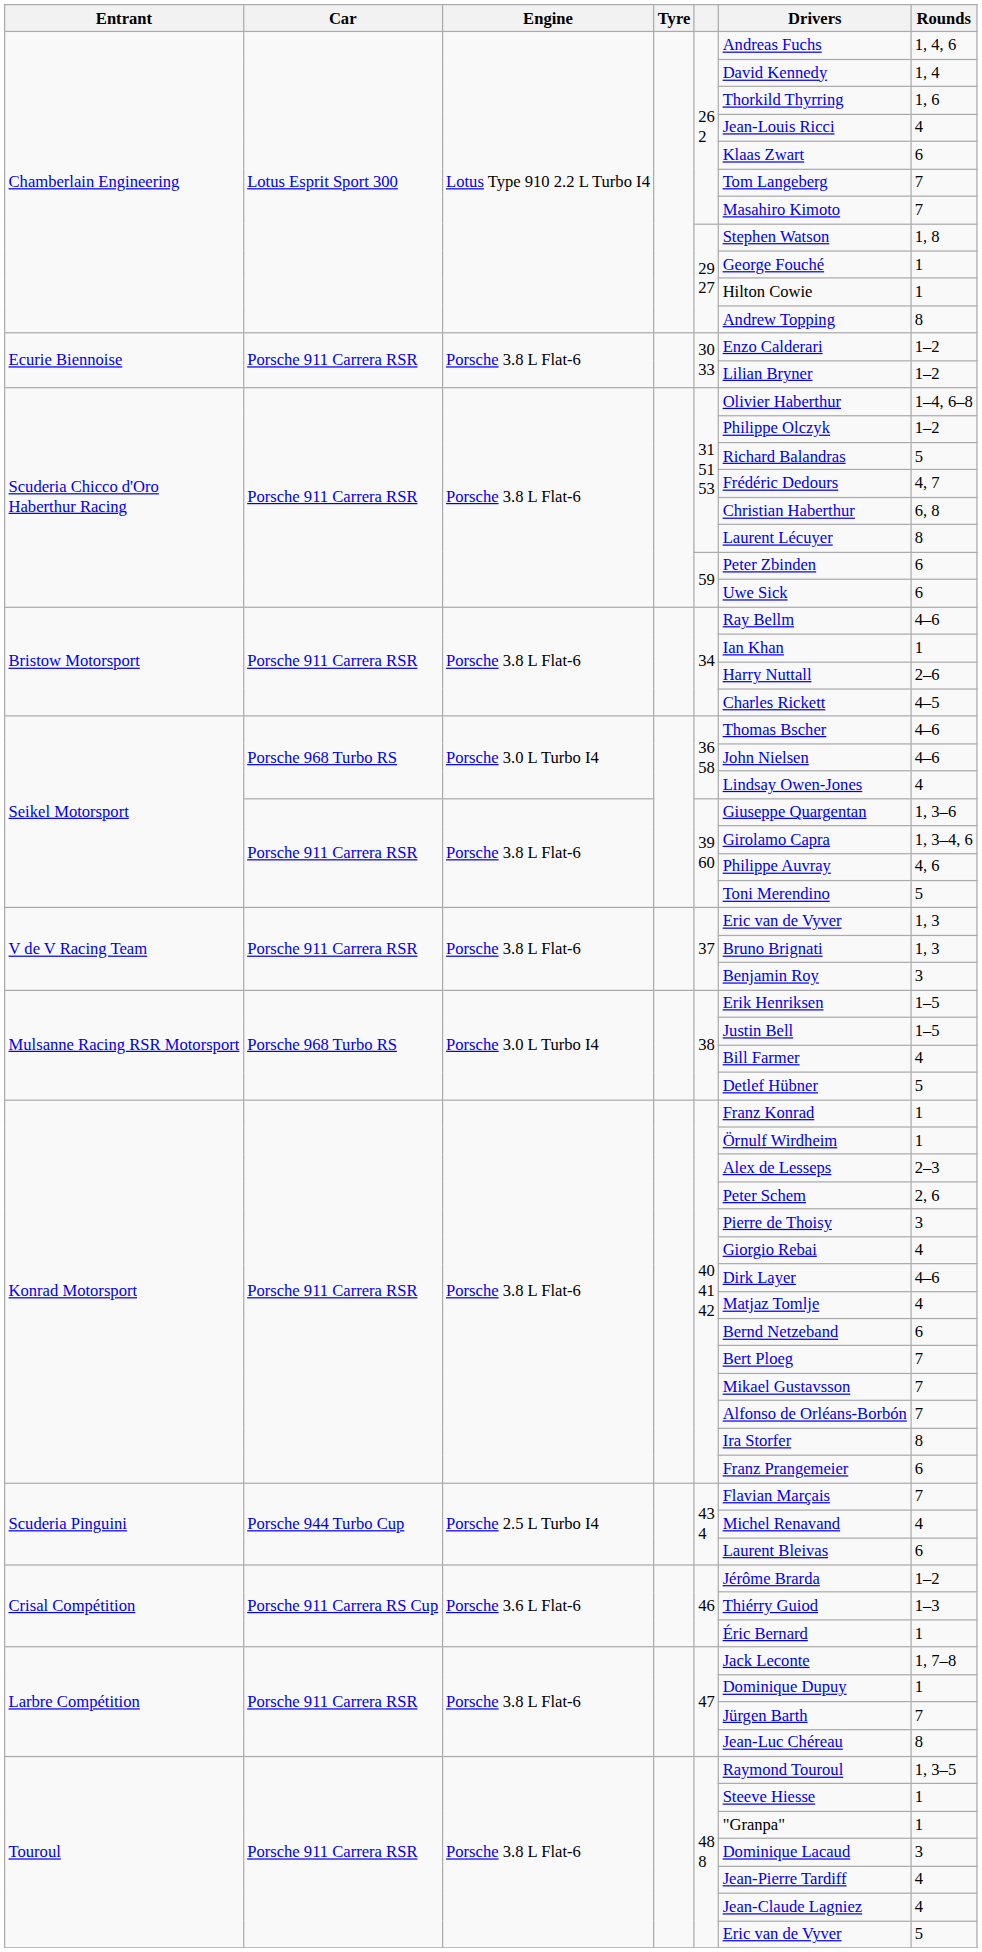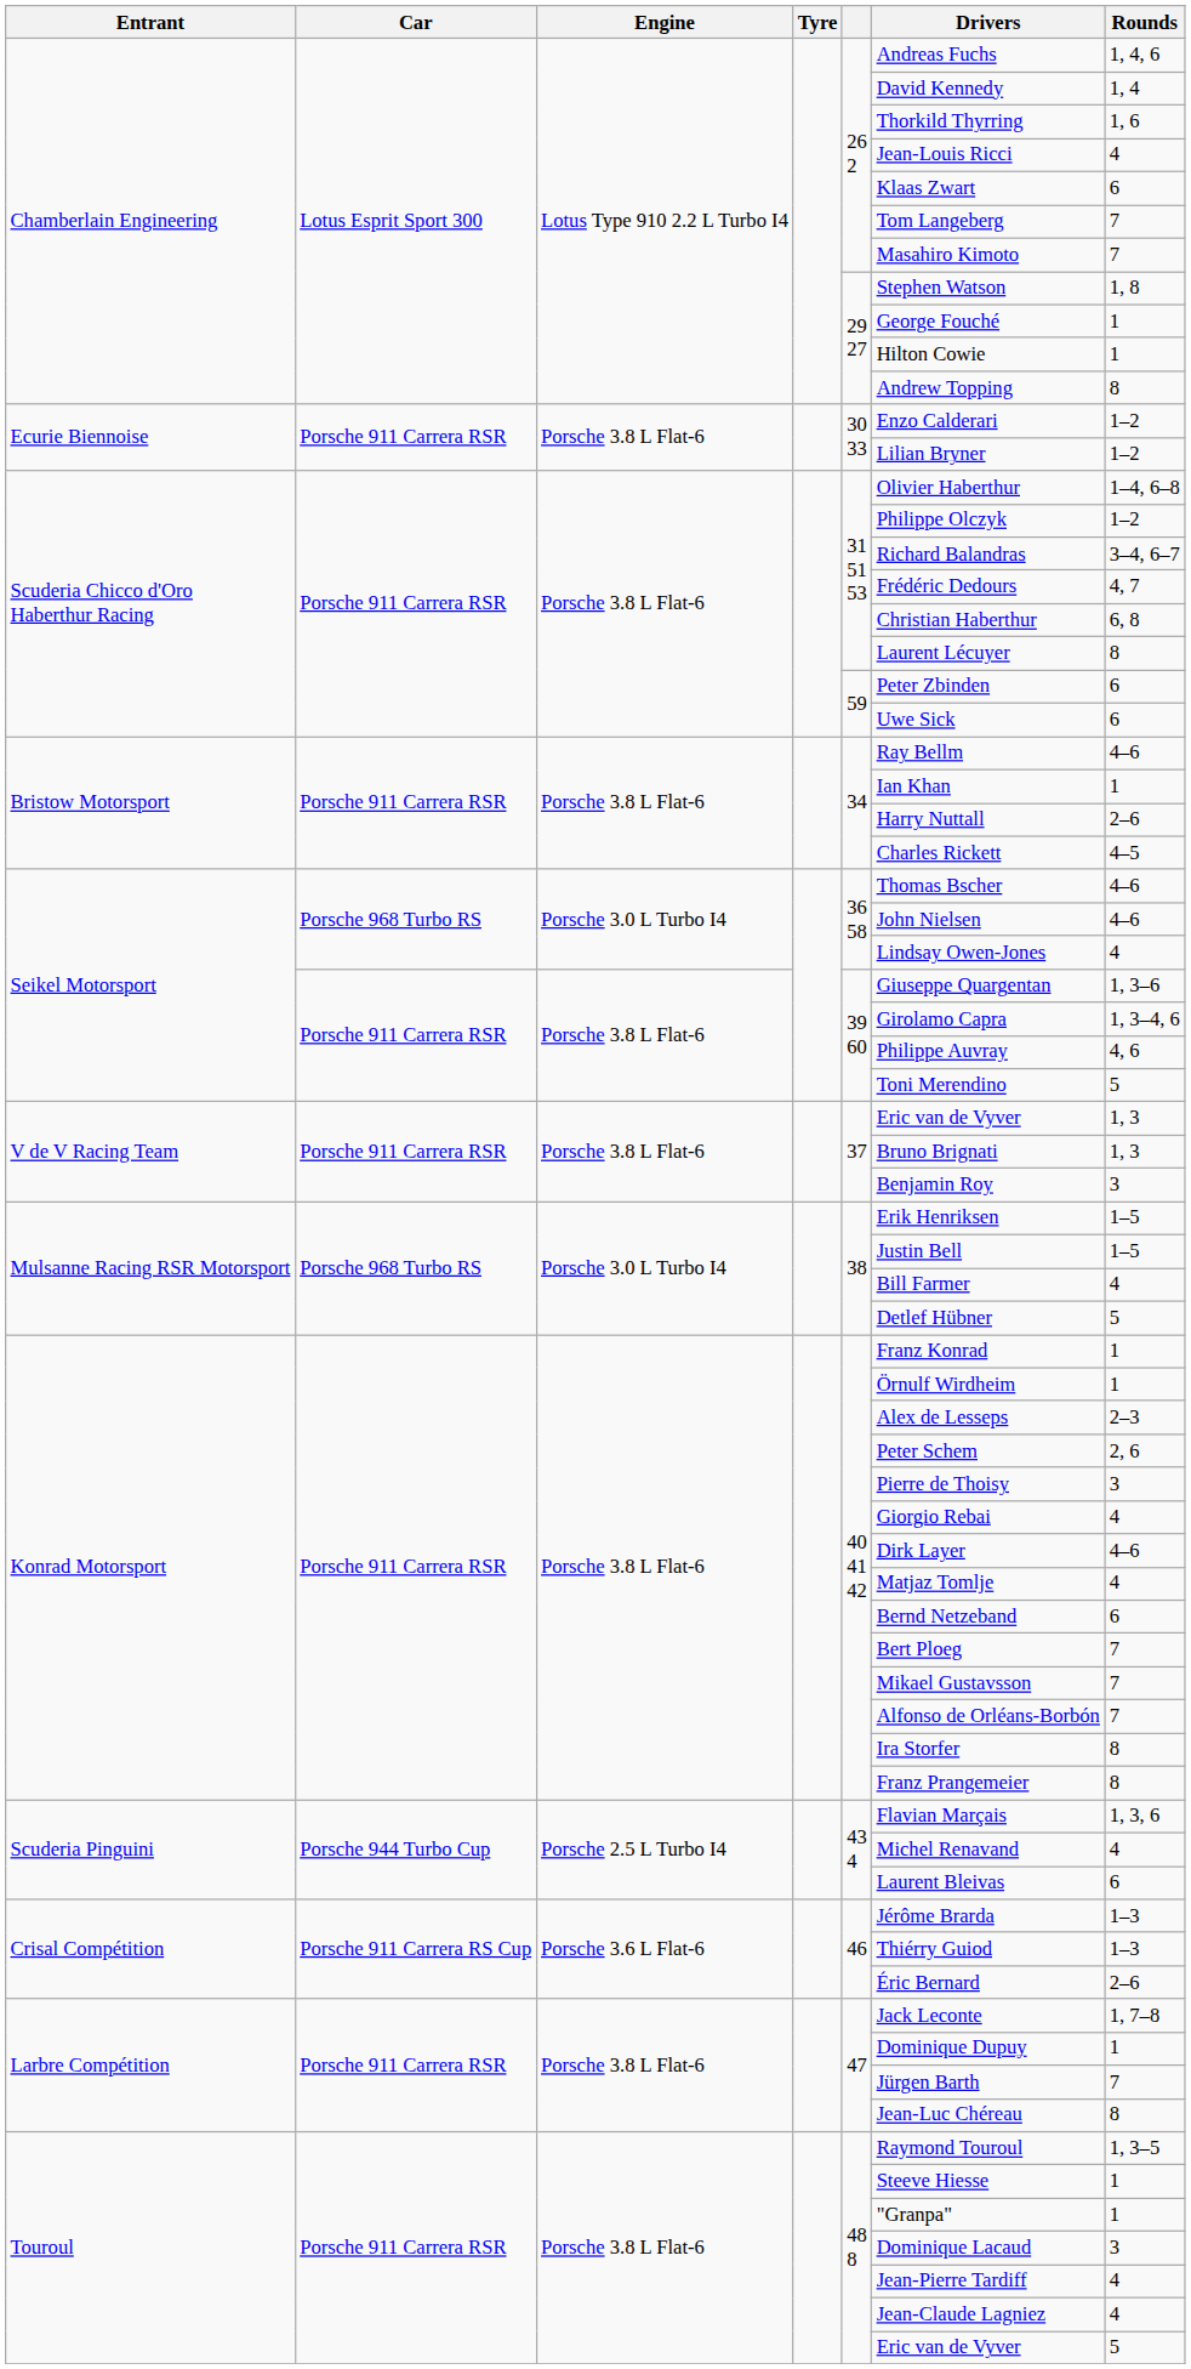 <table class="wikitable" style="font-size: 85%">
 <tr>
 <th>Entrant</th>
 <th>Car</th>
 <th>Engine</th>
 <th>Tyre</th>
 <th></th>
 <th>Drivers</th>
 <th>Rounds</th>
 </tr>
 <tr>
 <td rowspan=11> <a href='#'>Chamberlain Engineering</a></td>
 <td rowspan=11><a href='#'>Lotus Esprit Sport 300</a></td>
 <td rowspan=11><a href='#'>Lotus</a> Type 910 2.2 L Turbo I4</td>
 <td rowspan=11></td>
 <td rowspan=7>26<br>2</td>
 <td> <a href='#'>Andreas Fuchs</a></td>
 <td>1, 4, 6</td>
 </tr>
 <tr>
 <td> <a href='#'>David Kennedy</a></td>
 <td>1, 4</td>
 </tr>
 <tr>
 <td> <a href='#'>Thorkild Thyrring</a></td>
 <td>1, 6</td>
 </tr>
 <tr>
 <td> <a href='#'>Jean-Louis Ricci</a></td>
 <td>4</td>
 </tr>
 <tr>
 <td> <a href='#'>Klaas Zwart</a></td>
 <td>6</td>
 </tr>
 <tr>
 <td> <a href='#'>Tom Langeberg</a></td>
 <td>7</td>
 </tr>
 <tr>
 <td> <a href='#'>Masahiro Kimoto</a></td>
 <td>7</td>
 </tr>
 <tr>
 <td rowspan=4>29<br>27</td>
 <td> <a href='#'>Stephen Watson</a></td>
 <td>1, 8</td>
 </tr>
 <tr>
 <td> <a href='#'>George Fouché</a></td>
 <td>1</td>
 </tr>
 <tr>
 <td> Hilton Cowie</td>
 <td>1</td>
 </tr>
 <tr>
 <td> <a href='#'>Andrew Topping</a></td>
 <td>8</td>
 </tr>
 <tr>
 <td rowspan=2> <a href='#'>Ecurie Biennoise</a></td>
 <td rowspan=2><a href='#'>Porsche 911 Carrera RSR</a></td>
 <td rowspan=2><a href='#'>Porsche</a> 3.8 L Flat-6</td>
 <td rowspan=2></td>
 <td rowspan=2>30<br>33</td>
 <td> <a href='#'>Enzo Calderari</a></td>
 <td>1–2</td>
 </tr>
 <tr>
 <td> <a href='#'>Lilian Bryner</a></td>
 <td>1–2</td>
 </tr>
 <tr>
 <td rowspan=8> <a href='#'>Scuderia Chicco d'Oro</a><br> <a href='#'>Haberthur Racing</a></td>
 <td rowspan=8><a href='#'>Porsche 911 Carrera RSR</a></td>
 <td rowspan=8><a href='#'>Porsche</a> 3.8 L Flat-6</td>
 <td rowspan=8></td>
 <td rowspan=6>31<br>51<br>53</td>
 <td> <a href='#'>Olivier Haberthur</a></td>
 <td>1–4, 6–8</td>
 </tr>
 <tr>
 <td> <a href='#'>Philippe Olczyk</a></td>
 <td>1–2</td>
 </tr>
 <tr>
 <td> <a href='#'>Richard Balandras</a></td>
-<td>5</td>
+<td>3–4, 6–7</td>
 </tr>
 <tr>
 <td> <a href='#'>Frédéric Dedours</a></td>
 <td>4, 7</td>
 </tr>
 <tr>
 <td> <a href='#'>Christian Haberthur</a></td>
 <td>6, 8</td>
 </tr>
 <tr>
 <td> <a href='#'>Laurent Lécuyer</a></td>
 <td>8</td>
 </tr>
 <tr>
 <td rowspan=2>59</td>
 <td> <a href='#'>Peter Zbinden</a></td>
 <td>6</td>
 </tr>
 <tr>
 <td> <a href='#'>Uwe Sick</a></td>
 <td>6</td>
 </tr>
 <tr>
 <td rowspan=4> <a href='#'>Bristow Motorsport</a></td>
 <td rowspan=4><a href='#'>Porsche 911 Carrera RSR</a></td>
 <td rowspan=4><a href='#'>Porsche</a> 3.8 L Flat-6</td>
 <td rowspan=4></td>
 <td rowspan=4>34</td>
 <td> <a href='#'>Ray Bellm</a></td>
 <td>4–6</td>
 </tr>
 <tr>
 <td> <a href='#'>Ian Khan</a></td>
 <td>1</td>
 </tr>
 <tr>
 <td> <a href='#'>Harry Nuttall</a></td>
 <td>2–6</td>
 </tr>
 <tr>
 <td> <a href='#'>Charles Rickett</a></td>
 <td>4–5</td>
 </tr>
 <tr>
 <td rowspan=7> <a href='#'>Seikel Motorsport</a></td>
 <td rowspan=3><a href='#'>Porsche 968 Turbo RS</a></td>
 <td rowspan=3><a href='#'>Porsche</a> 3.0 L Turbo I4</td>
 <td rowspan=7></td>
 <td rowspan=3>36<br>58</td>
 <td> <a href='#'>Thomas Bscher</a></td>
 <td>4–6</td>
 </tr>
 <tr>
 <td> <a href='#'>John Nielsen</a></td>
 <td>4–6</td>
 </tr>
 <tr>
 <td> <a href='#'>Lindsay Owen-Jones</a></td>
 <td>4</td>
 </tr>
 <tr>
 <td rowspan=4><a href='#'>Porsche 911 Carrera RSR</a></td>
 <td rowspan=4><a href='#'>Porsche</a> 3.8 L Flat-6</td>
 <td rowspan=4>39<br>60</td>
 <td> <a href='#'>Giuseppe Quargentan</a></td>
 <td>1, 3–6</td>
 </tr>
 <tr>
 <td> <a href='#'>Girolamo Capra</a></td>
 <td>1, 3–4, 6</td>
 </tr>
 <tr>
 <td> <a href='#'>Philippe Auvray</a></td>
 <td>4, 6</td>
 </tr>
 <tr>
 <td> <a href='#'>Toni Merendino</a></td>
 <td>5</td>
 </tr>
 <tr>
 <td rowspan=3> <a href='#'>V de V Racing Team</a></td>
 <td rowspan=3><a href='#'>Porsche 911 Carrera RSR</a></td>
 <td rowspan=3><a href='#'>Porsche</a> 3.8 L Flat-6</td>
 <td rowspan=3></td>
 <td rowspan=3>37</td>
 <td> <a href='#'>Eric van de Vyver</a></td>
 <td>1, 3</td>
 </tr>
 <tr>
 <td> <a href='#'>Bruno Brignati</a></td>
 <td>1, 3</td>
 </tr>
 <tr>
 <td> <a href='#'>Benjamin Roy</a></td>
 <td>3</td>
 </tr>
 <tr>
 <td rowspan=4> <a href='#'>Mulsanne Racing RSR Motorsport</a></td>
 <td rowspan=4><a href='#'>Porsche 968 Turbo RS</a></td>
 <td rowspan=4><a href='#'>Porsche</a> 3.0 L Turbo I4</td>
 <td rowspan=4></td>
 <td rowspan=4>38</td>
 <td> <a href='#'>Erik Henriksen</a></td>
 <td>1–5</td>
 </tr>
 <tr>
 <td> <a href='#'>Justin Bell</a></td>
 <td>1–5</td>
 </tr>
 <tr>
 <td> <a href='#'>Bill Farmer</a></td>
 <td>4</td>
 </tr>
 <tr>
 <td> <a href='#'>Detlef Hübner</a></td>
 <td>5</td>
 </tr>
 <tr>
 <td rowspan=14> <a href='#'>Konrad Motorsport</a></td>
 <td rowspan=14><a href='#'>Porsche 911 Carrera RSR</a></td>
 <td rowspan=14><a href='#'>Porsche</a> 3.8 L Flat-6</td>
 <td rowspan=14></td>
 <td rowspan=14>40<br>41<br>42</td>
 <td> <a href='#'>Franz Konrad</a></td>
 <td>1</td>
 </tr>
 <tr>
 <td> <a href='#'>Örnulf Wirdheim</a></td>
 <td>1</td>
 </tr>
 <tr>
 <td> <a href='#'>Alex de Lesseps</a></td>
 <td>2–3</td>
 </tr>
 <tr>
 <td> <a href='#'>Peter Schem</a></td>
 <td>2, 6</td>
 </tr>
 <tr>
 <td> <a href='#'>Pierre de Thoisy</a></td>
 <td>3</td>
 </tr>
 <tr>
 <td> <a href='#'>Giorgio Rebai</a></td>
 <td>4</td>
 </tr>
 <tr>
 <td> <a href='#'>Dirk Layer</a></td>
 <td>4–6</td>
 </tr>
 <tr>
 <td> <a href='#'>Matjaz Tomlje</a></td>
 <td>4</td>
 </tr>
 <tr>
 <td> <a href='#'>Bernd Netzeband</a></td>
 <td>6</td>
 </tr>
 <tr>
 <td> <a href='#'>Bert Ploeg</a></td>
 <td>7</td>
 </tr>
 <tr>
 <td> <a href='#'>Mikael Gustavsson</a></td>
 <td>7</td>
 </tr>
 <tr>
 <td> <a href='#'>Alfonso de Orléans-Borbón</a></td>
 <td>7</td>
 </tr>
 <tr>
 <td> <a href='#'>Ira Storfer</a></td>
 <td>8</td>
 </tr>
 <tr>
 <td> <a href='#'>Franz Prangemeier</a></td>
-<td>6</td>
+<td>8</td>
 </tr>
 <tr>
 <td rowspan=3> <a href='#'>Scuderia Pinguini</a></td>
 <td rowspan=3><a href='#'>Porsche 944 Turbo Cup</a></td>
 <td rowspan=3><a href='#'>Porsche</a> 2.5 L Turbo I4</td>
 <td rowspan=3></td>
 <td rowspan=3>43<br>4</td>
 <td> <a href='#'>Flavian Marçais</a></td>
-<td>7</td>
+<td>1, 3, 6</td>
 </tr>
 <tr>
 <td> <a href='#'>Michel Renavand</a></td>
 <td>4</td>
 </tr>
 <tr>
 <td> <a href='#'>Laurent Bleivas</a></td>
 <td>6</td>
 </tr>
 <tr>
 <td rowspan=3> <a href='#'>Crisal Compétition</a></td>
 <td rowspan=3><a href='#'>Porsche 911 Carrera RS Cup</a></td>
 <td rowspan=3><a href='#'>Porsche</a> 3.6 L Flat-6</td>
 <td rowspan=3></td>
 <td rowspan=3>46</td>
 <td> <a href='#'>Jérôme Brarda</a></td>
-<td>1–2</td>
+<td>1–3</td>
 </tr>
 <tr>
 <td> <a href='#'>Thiérry Guiod</a></td>
 <td>1–3</td>
 </tr>
 <tr>
 <td> <a href='#'>Éric Bernard</a></td>
-<td>1</td>
+<td>2–6</td>
 </tr>
 <tr>
 <td rowspan=4> <a href='#'>Larbre Compétition</a></td>
 <td rowspan=4><a href='#'>Porsche 911 Carrera RSR</a></td>
 <td rowspan=4><a href='#'>Porsche</a> 3.8 L Flat-6</td>
 <td rowspan=4></td>
 <td rowspan=4>47</td>
 <td> <a href='#'>Jack Leconte</a></td>
 <td>1, 7–8</td>
 </tr>
 <tr>
 <td> <a href='#'>Dominique Dupuy</a></td>
 <td>1</td>
 </tr>
 <tr>
 <td> <a href='#'>Jürgen Barth</a></td>
 <td>7</td>
 </tr>
 <tr>
 <td> <a href='#'>Jean-Luc Chéreau</a></td>
 <td>8</td>
 </tr>
 <tr>
 <td rowspan=7> <a href='#'>Touroul</a></td>
 <td rowspan=7><a href='#'>Porsche 911 Carrera RSR</a></td>
 <td rowspan=7><a href='#'>Porsche</a> 3.8 L Flat-6</td>
 <td rowspan=7></td>
 <td rowspan=7>48<br>8</td>
 <td> <a href='#'>Raymond Touroul</a></td>
 <td>1, 3–5</td>
 </tr>
 <tr>
 <td> <a href='#'>Steeve Hiesse</a></td>
 <td>1</td>
 </tr>
 <tr>
 <td> "Granpa"</td>
 <td>1</td>
 </tr>
 <tr>
 <td> <a href='#'>Dominique Lacaud</a></td>
 <td>3</td>
 </tr>
 <tr>
 <td> <a href='#'>Jean-Pierre Tardiff</a></td>
 <td>4</td>
 </tr>
 <tr>
 <td> <a href='#'>Jean-Claude Lagniez</a></td>
 <td>4</td>
 </tr>
 <tr>
 <td> <a href='#'>Eric van de Vyver</a></td>
 <td>5</td>
 </tr>
 <tr>
 </tr>
 </table>
